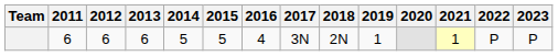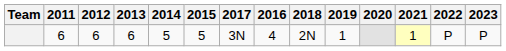 <table class="wikitable" style="font-size:85%; text-align: center;">
 <tr>
 <th scope="col">Team</th>
 <th scope="col">2011</th>
 <th scope="col">2012</th>
 <th scope="col">2013</th>
 <th scope="col">2014</th>
 <th scope="col">2015</th>
+<th scope="col">2017</th>
 <th scope="col">2016</th>
-<th scope="col">2017</th>
 <th scope="col">2018</th>
 <th scope="col">2019</th>
 <th scope="col">2020</th>
 <th scope="col">2021</th>
 <th scope="col">2022</th>
 <th scope="col">2023</th>
 </tr>
 <tr>
 <th scope="font-weight: bold; row"></th>
 <td>6</td>
 <td>6</td>
 <td>6</td>
 <td>5</td>
 <td>5</td>
+<td>3N</td>
 <td>4</td>
-<td>3N</td>
 <td>2N</td>
 <td>1</td>
 <td bgcolor="#e2e2e2"></td>
 <td bgcolor="#ffffbf">1</td>
 <td>P</td>
 <td>P</td>
 </tr>
 </table>
